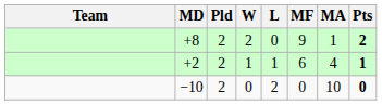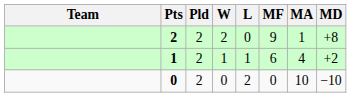 <table class=wikitable style="text-align:center">
 <tr>
 <th width=175>Team</th>
-<th width=20>MD</th>
+<th width=20>Pts</th>
 <th width=20>Pld</th>
 <th width=20>W</th>
 <th width=20>L</th>
 <th width=20>MF</th>
 <th width=20>MA</th>
-<th width=20>Pts</th>
+<th width=20>MD</th>
 </tr>
 <tr bgcolor=#ccffcc>
 <td align=left></td>
-<td>+8</td>
+<td><strong>2</strong></td>
 <td>2</td>
 <td>2</td>
 <td>0</td>
 <td>9</td>
 <td>1</td>
-<td><strong>2</strong></td>
+<td>+8</td>
 </tr>
 <tr bgcolor=#ccffcc>
 <td align=left></td>
-<td>+2</td>
+<td><strong>1</strong></td>
 <td>2</td>
 <td>1</td>
 <td>1</td>
 <td>6</td>
 <td>4</td>
-<td><strong>1</strong></td>
+<td>+2</td>
 </tr>
 <tr>
 <td align=left></td>
-<td>−10</td>
+<td><strong>0</strong></td>
 <td>2</td>
 <td>0</td>
 <td>2</td>
 <td>0</td>
 <td>10</td>
-<td><strong>0</strong></td>
+<td>−10</td>
 </tr>
 </table>
